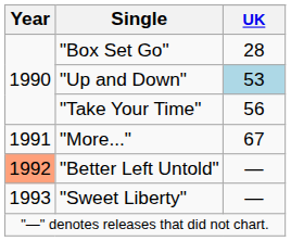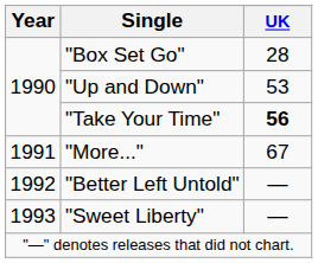 <table class="wikitable">
 <tr>
 <th scope="col" rowspan="2">Year</th>
 <th scope="col" rowspan="2">Single</th>
 </tr>
 <tr>
 <th style="width:45px;"><small><a href='#'>UK</a></small><br></th>
 </tr>
 <tr>
 <td rowspan="3">1990</td>
 <td>"Box Set Go"</td>
 <td align=center>28</td>
 </tr>
 <tr>
 <td>"Up and Down"</td>
-<td align=center style="background: lightblue;">53</td>
+<td align=center>53</td>
 </tr>
 <tr>
 <td>"Take Your Time"</td>
-<td align=center>56</td>
+<td align=center><strong>56</strong></td>
 </tr>
 <tr>
 <td rowspan="1">1991</td>
 <td>"More..."</td>
 <td align=center>67</td>
 </tr>
 <tr>
-<td rowspan="1" style="background: lightsalmon;">1992</td>
+<td rowspan="1">1992</td>
 <td>"Better Left Untold"</td>
 <td align=center>—</td>
 </tr>
 <tr>
 <td rowspan="1">1993</td>
 <td>"Sweet Liberty"</td>
 <td align=center>—</td>
 </tr>
 <tr>
 <td colspan="4" style="text-align:center; font-size:9pt;">"—" denotes releases that did not chart.</td>
 </tr>
 </table>
